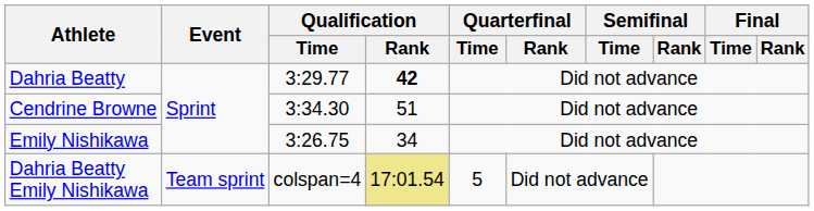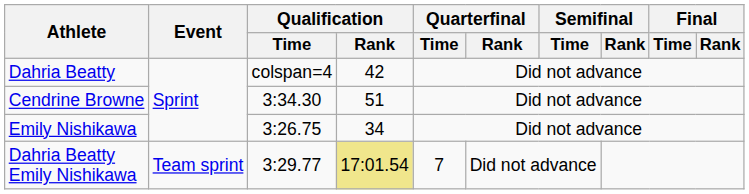 <table class="wikitable" style="font-size:90%">
 <tr>
 <th rowspan="2">Athlete</th>
 <th rowspan="2">Event</th>
 <th colspan="2">Qualification</th>
 <th colspan="2">Quarterfinal</th>
 <th colspan="2">Semifinal</th>
 <th colspan="2">Final</th>
 </tr>
 <tr style="font-size:95%">
 <th>Time</th>
 <th>Rank</th>
 <th>Time</th>
 <th>Rank</th>
 <th>Time</th>
 <th>Rank</th>
 <th>Time</th>
 <th>Rank</th>
 </tr>
 <tr align=center>
 <td align=left><a href='#'>Dahria Beatty</a></td>
 <td align=left rowspan=3><a href='#'>Sprint</a></td>
-<td>3:29.77</td>
-<td><strong>42</strong></td>
+<td>colspan=4 </td>
+<td>42</td>
 <td colspan=6>Did not advance</td>
 </tr>
 <tr align=center>
 <td align=left><a href='#'>Cendrine Browne</a></td>
 <td>3:34.30</td>
 <td>51</td>
 <td colspan=6>Did not advance</td>
 </tr>
 <tr align=center>
 <td align=left><a href='#'>Emily Nishikawa</a></td>
 <td>3:26.75</td>
 <td>34</td>
 <td colspan=6>Did not advance</td>
 </tr>
 <tr align=center>
 <td align=left><a href='#'>Dahria Beatty</a><br><a href='#'>Emily Nishikawa</a></td>
 <td align=left><a href='#'>Team sprint</a></td>
-<td>colspan=4 </td>
+<td>3:29.77</td>
 <td style="background: khaki;">17:01.54</td>
-<td>5</td>
+<td>7</td>
 <td colspan=2>Did not advance</td>
 </tr>
 </table>
